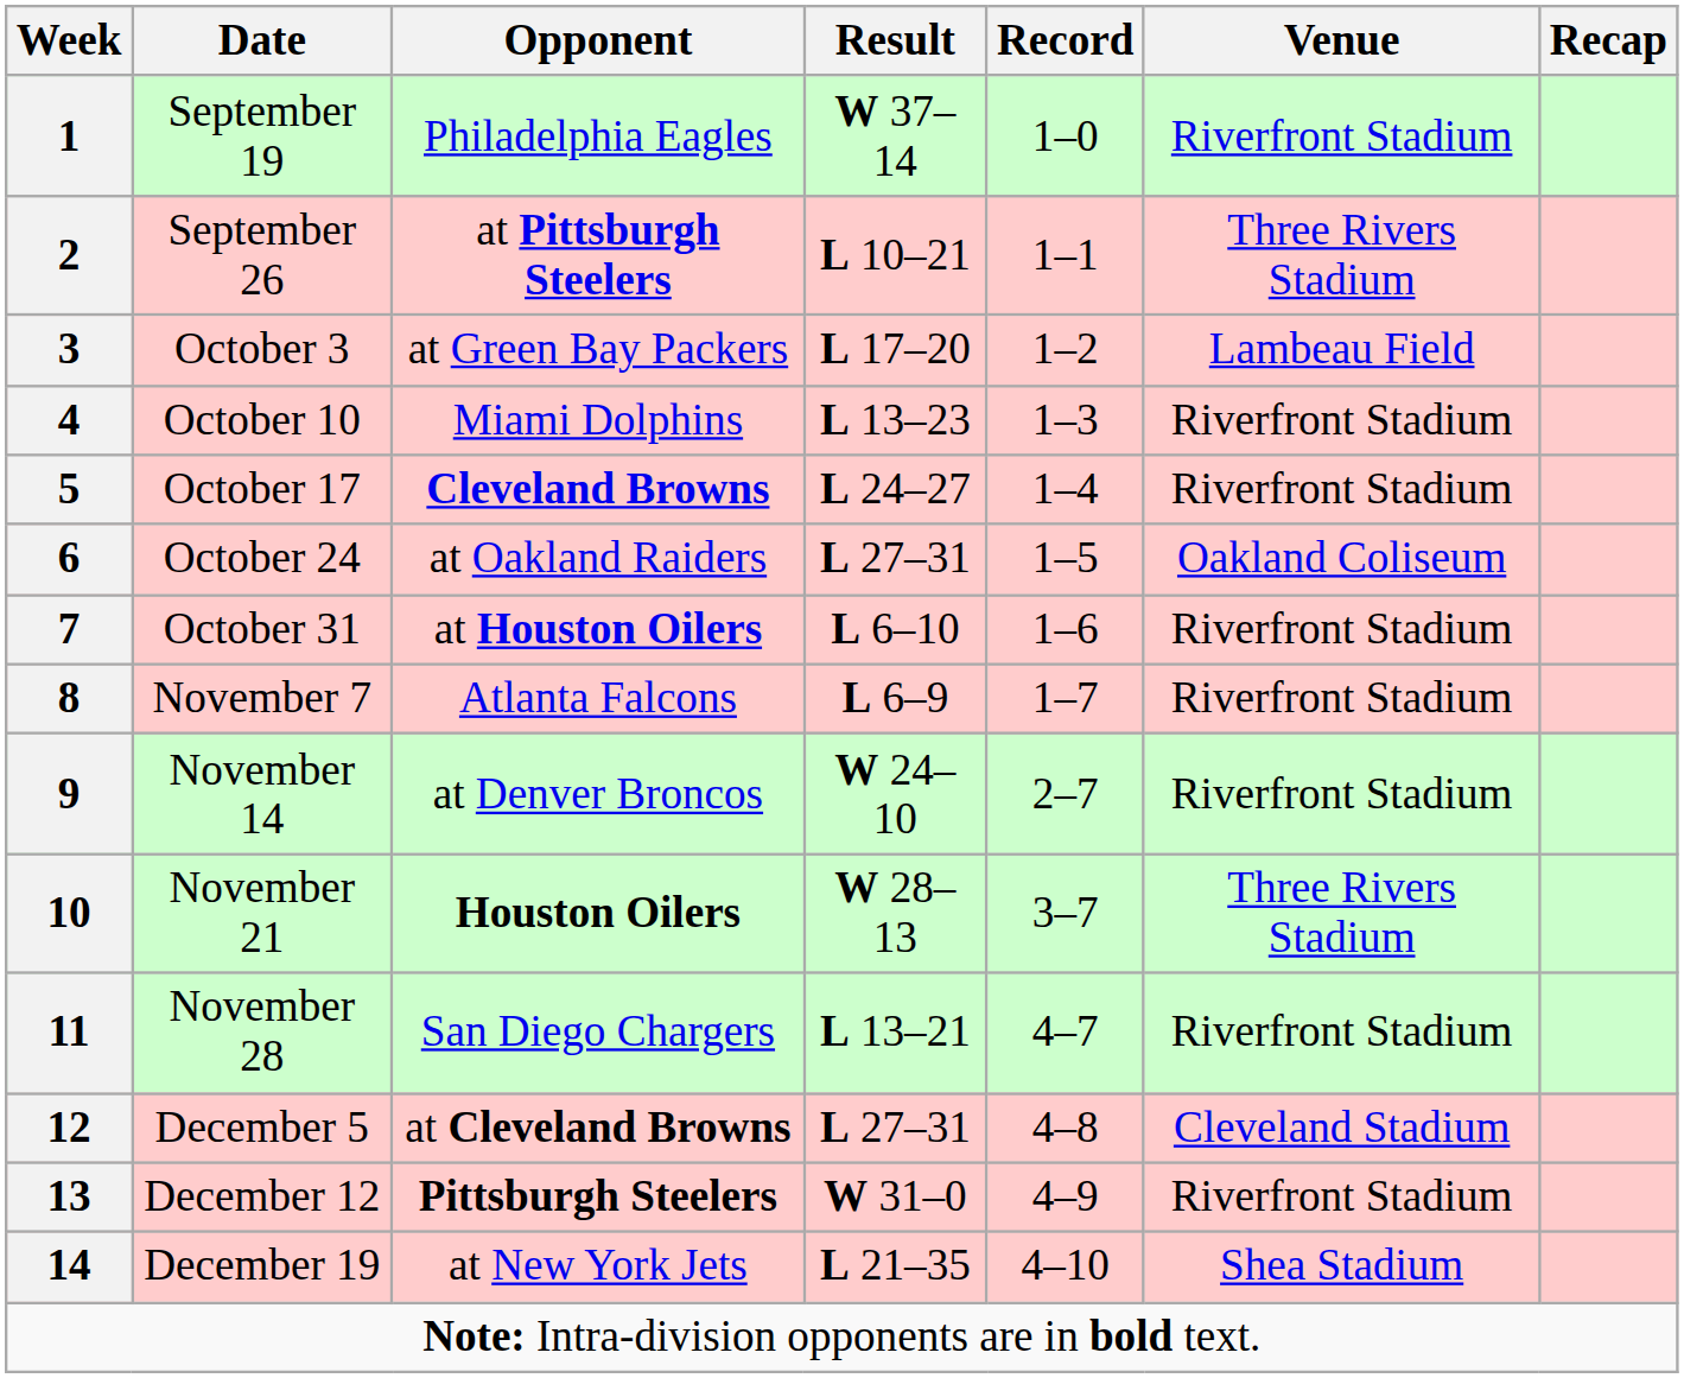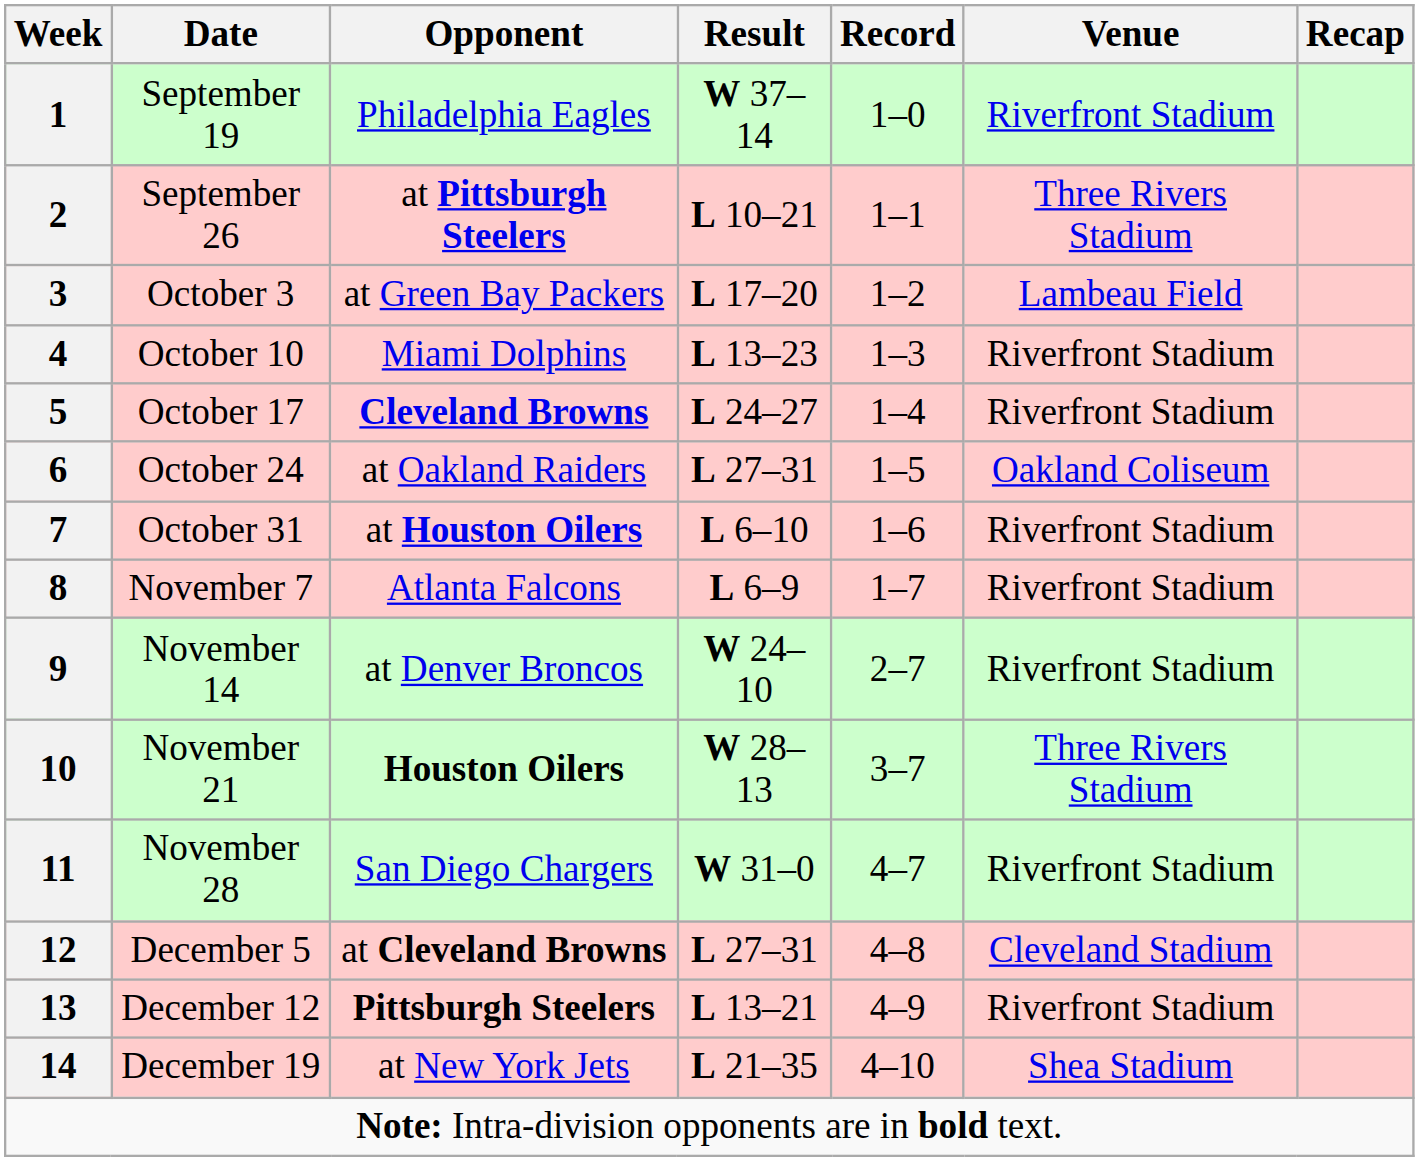 <table class="wikitable" style="text-align:center">
 <tr>
 <th>Week</th>
 <th>Date</th>
 <th>Opponent</th>
 <th>Result</th>
 <th>Record</th>
 <th>Venue</th>
 <th>Recap</th>
 </tr>
 <tr style="background:#cfc">
 <th>1</th>
 <td>September 19</td>
 <td><a href='#'>Philadelphia Eagles</a></td>
 <td><strong>W</strong> 37–14</td>
 <td>1–0</td>
 <td><a href='#'>Riverfront Stadium</a></td>
 <td></td>
 </tr>
 <tr style="background:#fcc">
 <th>2</th>
 <td>September 26</td>
 <td>at <strong><a href='#'>Pittsburgh Steelers</a></strong></td>
 <td><strong>L</strong> 10–21</td>
 <td>1–1</td>
 <td><a href='#'>Three Rivers Stadium</a></td>
 <td></td>
 </tr>
 <tr style="background:#fcc">
 <th>3</th>
 <td>October 3</td>
 <td>at <a href='#'>Green Bay Packers</a></td>
 <td><strong>L</strong> 17–20</td>
 <td>1–2</td>
 <td><a href='#'>Lambeau Field</a></td>
 <td></td>
 </tr>
 <tr style="background:#fcc">
 <th>4</th>
 <td>October 10</td>
 <td><a href='#'>Miami Dolphins</a></td>
 <td><strong>L</strong> 13–23</td>
 <td>1–3</td>
 <td>Riverfront Stadium</td>
 <td></td>
 </tr>
 <tr style="background:#fcc">
 <th>5</th>
 <td>October 17</td>
 <td><strong><a href='#'>Cleveland Browns</a></strong></td>
 <td><strong>L</strong> 24–27</td>
 <td>1–4</td>
 <td>Riverfront Stadium</td>
 <td></td>
 </tr>
 <tr style="background:#fcc">
 <th>6</th>
 <td>October 24</td>
 <td>at <a href='#'>Oakland Raiders</a></td>
 <td><strong>L</strong> 27–31</td>
 <td>1–5</td>
 <td><a href='#'>Oakland Coliseum</a></td>
 <td></td>
 </tr>
 <tr style="background:#fcc">
 <th>7</th>
 <td>October 31</td>
 <td>at <strong><a href='#'>Houston Oilers</a></strong></td>
 <td><strong>L</strong> 6–10</td>
 <td>1–6</td>
 <td>Riverfront Stadium</td>
 <td></td>
 </tr>
 <tr style="background:#fcc">
 <th>8</th>
 <td>November 7</td>
 <td><a href='#'>Atlanta Falcons</a></td>
 <td><strong>L</strong> 6–9</td>
 <td>1–7</td>
 <td>Riverfront Stadium</td>
 <td></td>
 </tr>
 <tr style="background:#cfc">
 <th>9</th>
 <td>November 14</td>
 <td>at <a href='#'>Denver Broncos</a></td>
 <td><strong>W</strong> 24–10</td>
 <td>2–7</td>
 <td>Riverfront Stadium</td>
 <td></td>
 </tr>
 <tr style="background:#cfc">
 <th>10</th>
 <td>November 21</td>
 <td><strong>Houston Oilers</strong></td>
 <td><strong>W</strong> 28–13</td>
 <td>3–7</td>
 <td><a href='#'>Three Rivers Stadium</a></td>
 <td></td>
 </tr>
 <tr style="background:#cfc">
 <th>11</th>
 <td>November 28</td>
 <td><a href='#'>San Diego Chargers</a></td>
-<td><strong>L</strong> 13–21</td>
+<td><strong>W</strong> 31–0</td>
 <td>4–7</td>
 <td>Riverfront Stadium</td>
 <td></td>
 </tr>
 <tr style="background:#fcc">
 <th>12</th>
 <td>December 5</td>
 <td>at <strong>Cleveland Browns</strong></td>
 <td><strong>L</strong> 27–31</td>
 <td>4–8</td>
 <td><a href='#'>Cleveland Stadium</a></td>
 <td></td>
 </tr>
 <tr style="background:#fcc">
 <th>13</th>
 <td>December 12</td>
 <td><strong>Pittsburgh Steelers</strong></td>
-<td><strong>W</strong> 31–0</td>
+<td><strong>L</strong> 13–21</td>
 <td>4–9</td>
 <td>Riverfront Stadium</td>
 <td></td>
 </tr>
 <tr style="background:#fcc">
 <th>14</th>
 <td>December 19</td>
 <td>at <a href='#'>New York Jets</a></td>
 <td><strong>L</strong> 21–35</td>
 <td>4–10</td>
 <td><a href='#'>Shea Stadium</a></td>
 <td></td>
 </tr>
 <tr>
 <td colspan="8"><strong>Note:</strong> Intra-division opponents are in <strong>bold</strong> text.</td>
 </tr>
 </table>
